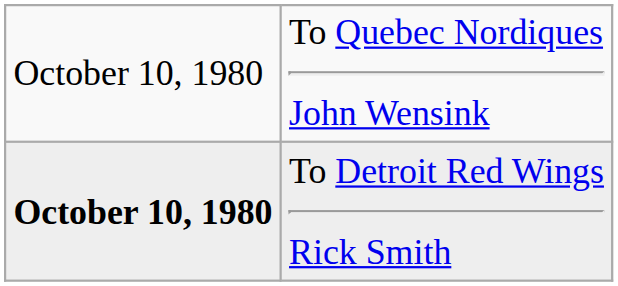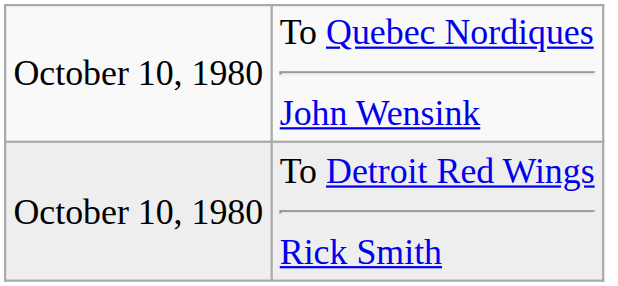 <table class="wikitable">
 <tr>
 <td>October 10, 1980</td>
 <td valign="top">To <a href='#'>Quebec Nordiques</a><hr><a href='#'>John Wensink</a></td>
 </tr>
 <tr style="background:#eee;">
-<td><strong>October 10, 1980</strong></td>
+<td>October 10, 1980</td>
 <td valign="top">To <a href='#'>Detroit Red Wings</a><hr><a href='#'>Rick Smith</a></td>
 </tr>
 </table>
